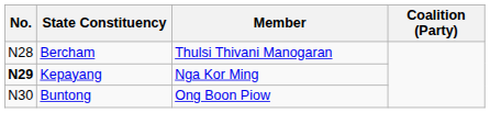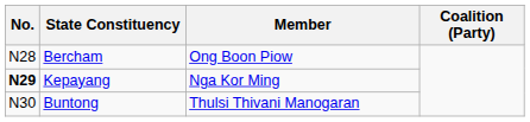 <table class="wikitable">
 <tr>
 <th width="30">No.</th>
 <th width="150">State Constituency</th>
 <th width="245">Member</th>
 <th width="105">Coalition (Party)</th>
 </tr>
 <tr>
 <td>N28</td>
 <td><a href='#'>Bercham</a></td>
-<td><a href='#'>Thulsi Thivani Manogaran</a></td>
+<td><a href='#'>Ong Boon Piow</a></td>
 <td rowspan="3"></td>
 </tr>
 <tr>
 <td><strong>N29</strong></td>
 <td><a href='#'>Kepayang</a></td>
 <td><a href='#'>Nga Kor Ming</a></td>
 </tr>
 <tr>
 <td>N30</td>
 <td><a href='#'>Buntong</a></td>
-<td><a href='#'>Ong Boon Piow</a></td>
+<td><a href='#'>Thulsi Thivani Manogaran</a></td>
 </tr>
 </table>
